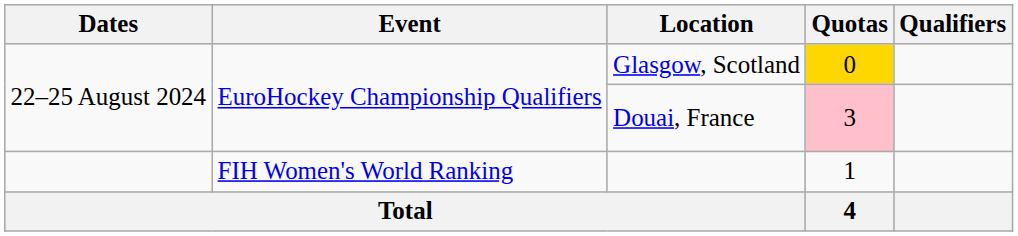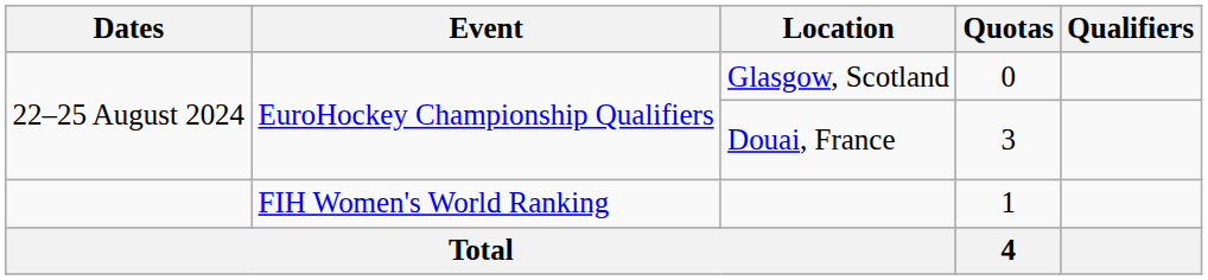 <table class=wikitable>
 <tr>
 <th>Dates</th>
 <th>Event</th>
 <th>Location</th>
 <th>Quotas</th>
 <th>Qualifiers</th>
 </tr>
 <tr>
 <td rowspan=2>22–25 August 2024</td>
 <td rowspan=2><a href='#'>EuroHockey Championship Qualifiers</a></td>
 <td><a href='#'>Glasgow</a>, Scotland</td>
-<td align=center style="background: gold;">0</td>
+<td align=center>0</td>
 <td><s></s></td>
 </tr>
 <tr>
 <td><a href='#'>Douai</a>, France</td>
-<td align=center style="background: pink;">3</td>
+<td align=center>3</td>
 <td><br><br></td>
 </tr>
 <tr>
 <td></td>
 <td><a href='#'>FIH Women's World Ranking</a></td>
 <td></td>
 <td align=center>1</td>
 <td><s></s><br></td>
 </tr>
 <tr>
 <th colspan=3>Total</th>
 <th>4</th>
 <th></th>
 </tr>
 </table>
